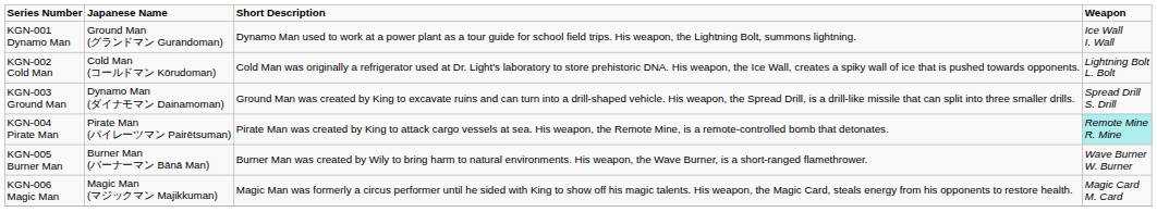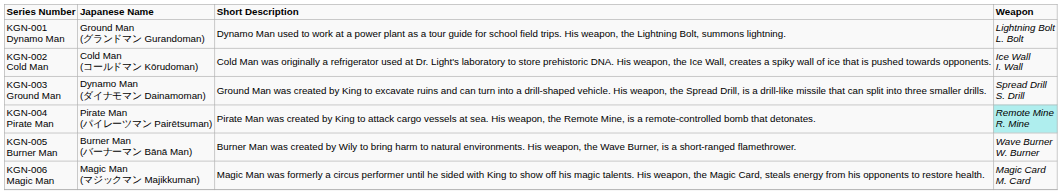 <table class="wikitable">
 <tr>
 <td><strong>Series Number</strong></td>
 <td><strong>Japanese Name</strong></td>
 <td><strong>Short Description</strong></td>
 <td><strong>Weapon</strong></td>
 </tr>
 <tr>
 <td>KGN-001<br>Dynamo Man</td>
 <td>Ground Man<br>(グランドマン Gurandoman)</td>
 <td>Dynamo Man used to work at a power plant as a tour guide for school field trips. His weapon, the Lightning Bolt, summons lightning.</td>
-<td><em>Ice Wall</em><br><em>I. Wall</em></td>
+<td><em>Lightning Bolt</em><br><em>L. Bolt</em></td>
 </tr>
 <tr>
 <td>KGN-002<br>Cold Man</td>
 <td>Cold Man<br>(コールドマン Kōrudoman)</td>
 <td>Cold Man was originally a refrigerator used at Dr. Light's laboratory to store prehistoric DNA. His weapon, the Ice Wall, creates a spiky wall of ice that is pushed towards opponents.</td>
-<td><em>Lightning Bolt</em><br><em>L. Bolt</em></td>
+<td><em>Ice Wall</em><br><em>I. Wall</em></td>
 </tr>
 <tr>
 <td>KGN-003<br>Ground Man</td>
 <td>Dynamo Man<br>(ダイナモマン Dainamoman)</td>
 <td>Ground Man was created by King to excavate ruins and can turn into a drill-shaped vehicle. His weapon, the Spread Drill, is a drill-like missile that can split into three smaller drills.</td>
 <td><em>Spread Drill</em><br><em>S. Drill</em></td>
 </tr>
 <tr>
 <td>KGN-004<br>Pirate Man</td>
 <td>Pirate Man<br>(パイレーツマン Pairētsuman)</td>
 <td>Pirate Man was created by King to attack cargo vessels at sea. His weapon, the Remote Mine, is a remote-controlled bomb that detonates.</td>
 <td style="background: paleturquoise;"><em>Remote Mine</em><br><em>R. Mine</em></td>
 </tr>
 <tr>
 <td>KGN-005<br>Burner Man</td>
 <td>Burner Man<br>(バーナーマン Bānā Man)</td>
 <td>Burner Man was created by Wily to bring harm to natural environments. His weapon, the Wave Burner, is a short-ranged flamethrower.</td>
 <td><em>Wave Burner</em><br><em>W. Burner</em></td>
 </tr>
 <tr>
 <td>KGN-006<br>Magic Man</td>
 <td>Magic Man<br>(マジックマン Majikkuman)</td>
 <td>Magic Man was formerly a circus performer until he sided with King to show off his magic talents. His weapon, the Magic Card, steals energy from his opponents to restore health.</td>
 <td><em>Magic Card</em><br><em>M. Card</em></td>
 </tr>
 <tr>
 </tr>
 </table>
